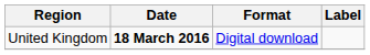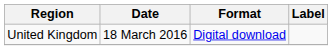 <table class=wikitable>
 <tr>
 <th>Region</th>
 <th>Date</th>
 <th>Format</th>
 <th>Label</th>
 </tr>
 <tr>
 <td>United Kingdom</td>
-<td><strong>18 March 2016</strong></td>
+<td>18 March 2016</td>
 <td><a href='#'>Digital download</a></td>
 <td></td>
 </tr>
 <tr>
 </tr>
 </table>
